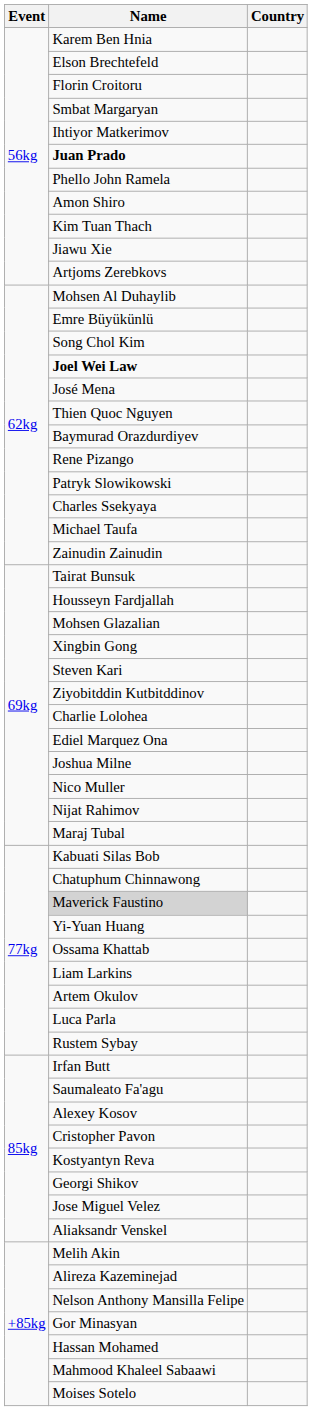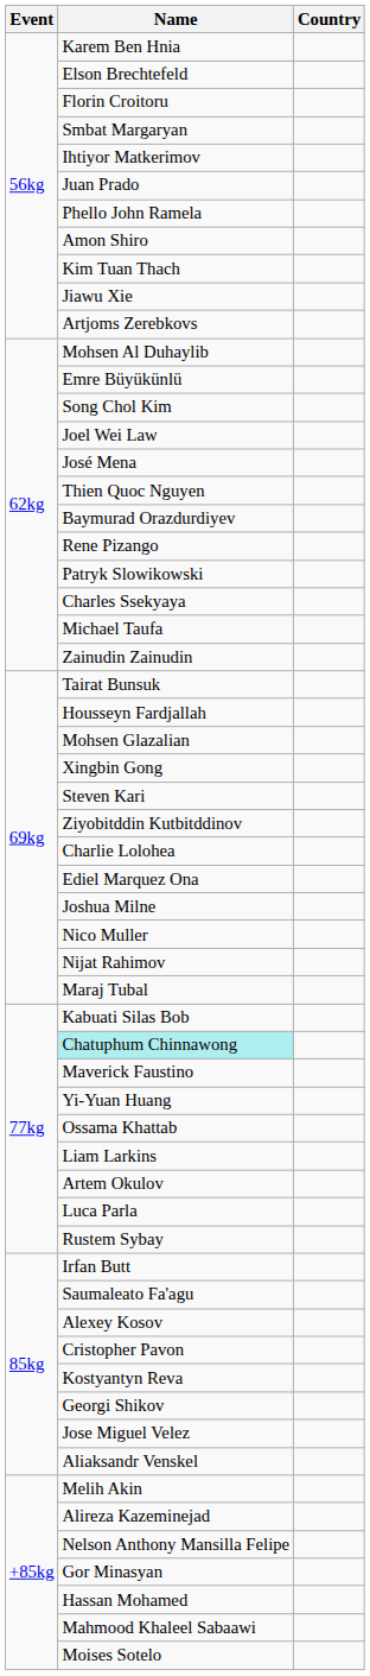 <table class="wikitable sortable">
 <tr>
 <th>Event</th>
 <th>Name</th>
 <th>Country</th>
 </tr>
 <tr>
 <td rowspan="11"><a href='#'>56kg</a></td>
 <td>Karem Ben Hnia</td>
 <td></td>
 </tr>
 <tr>
 <td>Elson Brechtefeld</td>
 <td></td>
 </tr>
 <tr>
 <td>Florin Croitoru</td>
 <td></td>
 </tr>
 <tr>
 <td>Smbat Margaryan</td>
 <td></td>
 </tr>
 <tr>
 <td>Ihtiyor Matkerimov</td>
 <td></td>
 </tr>
 <tr>
-<td><strong>Juan Prado</strong></td>
+<td>Juan Prado</td>
 <td></td>
 </tr>
 <tr>
 <td>Phello John Ramela</td>
 <td></td>
 </tr>
 <tr>
 <td>Amon Shiro</td>
 <td></td>
 </tr>
 <tr>
 <td>Kim Tuan Thach</td>
 <td></td>
 </tr>
 <tr>
 <td>Jiawu Xie</td>
 <td></td>
 </tr>
 <tr>
 <td>Artjoms Zerebkovs</td>
 <td></td>
 </tr>
 <tr>
 <td rowspan="12"><a href='#'>62kg</a></td>
 <td>Mohsen Al Duhaylib</td>
 <td></td>
 </tr>
 <tr>
 <td>Emre Büyükünlü</td>
 <td></td>
 </tr>
 <tr>
 <td>Song Chol Kim</td>
 <td></td>
 </tr>
 <tr>
-<td><strong>Joel Wei Law</strong></td>
+<td>Joel Wei Law</td>
 <td></td>
 </tr>
 <tr>
 <td>José Mena</td>
 <td></td>
 </tr>
 <tr>
 <td>Thien Quoc Nguyen</td>
 <td></td>
 </tr>
 <tr>
 <td>Baymurad Orazdurdiyev</td>
 <td></td>
 </tr>
 <tr>
 <td>Rene Pizango</td>
 <td></td>
 </tr>
 <tr>
 <td>Patryk Slowikowski</td>
 <td></td>
 </tr>
 <tr>
 <td>Charles Ssekyaya</td>
 <td></td>
 </tr>
 <tr>
 <td>Michael Taufa</td>
 <td></td>
 </tr>
 <tr>
 <td>Zainudin Zainudin</td>
 <td></td>
 </tr>
 <tr>
 <td rowspan="12"><a href='#'>69kg</a></td>
 <td>Tairat Bunsuk</td>
 <td></td>
 </tr>
 <tr>
 <td>Housseyn Fardjallah</td>
 <td></td>
 </tr>
 <tr>
 <td>Mohsen Glazalian</td>
 <td></td>
 </tr>
 <tr>
 <td>Xingbin Gong</td>
 <td></td>
 </tr>
 <tr>
 <td>Steven Kari</td>
 <td></td>
 </tr>
 <tr>
 <td>Ziyobitddin Kutbitddinov</td>
 <td></td>
 </tr>
 <tr>
 <td>Charlie Lolohea</td>
 <td></td>
 </tr>
 <tr>
 <td>Ediel Marquez Ona</td>
 <td></td>
 </tr>
 <tr>
 <td>Joshua Milne</td>
 <td></td>
 </tr>
 <tr>
 <td>Nico Muller</td>
 <td></td>
 </tr>
 <tr>
 <td>Nijat Rahimov</td>
 <td></td>
 </tr>
 <tr>
 <td>Maraj Tubal</td>
 <td></td>
 </tr>
 <tr>
 <td rowspan="9"><a href='#'>77kg</a></td>
 <td>Kabuati Silas Bob</td>
 <td></td>
 </tr>
 <tr>
-<td>Chatuphum Chinnawong</td>
+<td style="background: paleturquoise;">Chatuphum Chinnawong</td>
 <td></td>
 </tr>
 <tr>
-<td style="background: lightgrey;">Maverick Faustino</td>
+<td>Maverick Faustino</td>
 <td></td>
 </tr>
 <tr>
 <td>Yi-Yuan Huang</td>
 <td></td>
 </tr>
 <tr>
 <td>Ossama Khattab</td>
 <td></td>
 </tr>
 <tr>
 <td>Liam Larkins</td>
 <td></td>
 </tr>
 <tr>
 <td>Artem Okulov</td>
 <td></td>
 </tr>
 <tr>
 <td>Luca Parla</td>
 <td></td>
 </tr>
 <tr>
 <td>Rustem Sybay</td>
 <td></td>
 </tr>
 <tr>
 <td rowspan="8"><a href='#'>85kg</a></td>
 <td>Irfan Butt</td>
 <td></td>
 </tr>
 <tr>
 <td>Saumaleato Fa'agu</td>
 <td></td>
 </tr>
 <tr>
 <td>Alexey Kosov</td>
 <td></td>
 </tr>
 <tr>
 <td>Cristopher Pavon</td>
 <td></td>
 </tr>
 <tr>
 <td>Kostyantyn Reva</td>
 <td></td>
 </tr>
 <tr>
 <td>Georgi Shikov</td>
 <td></td>
 </tr>
 <tr>
 <td>Jose Miguel Velez</td>
 <td></td>
 </tr>
 <tr>
 <td>Aliaksandr Venskel</td>
 <td></td>
 </tr>
 <tr>
 <td rowspan="7"><a href='#'>+85kg</a></td>
 <td>Melih Akin</td>
 <td></td>
 </tr>
 <tr>
 <td>Alireza Kazeminejad</td>
 <td></td>
 </tr>
 <tr>
 <td>Nelson Anthony Mansilla Felipe</td>
 <td></td>
 </tr>
 <tr>
 <td>Gor Minasyan</td>
 <td></td>
 </tr>
 <tr>
 <td>Hassan Mohamed</td>
 <td></td>
 </tr>
 <tr>
 <td>Mahmood Khaleel Sabaawi</td>
 <td></td>
 </tr>
 <tr>
 <td>Moises Sotelo</td>
 <td></td>
 </tr>
 </table>
